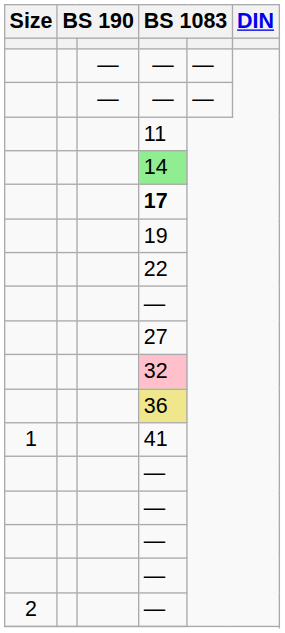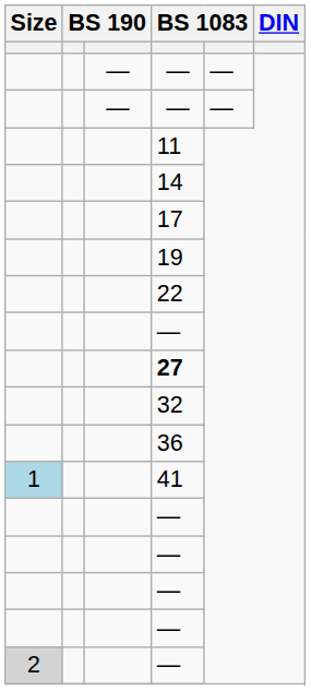 <table class=wikitable>
 <tr>
 <th scope="col">Size</th>
 <th colspan=2>BS 190</th>
 <th colspan=2>BS 1083</th>
 <th scope="col"><a href='#'>DIN</a></th>
 </tr>
 <tr>
 <th scope="col"></th>
 <th scope="col"></th>
 <th scope="col"></th>
 <th scope="col"></th>
 <th scope="col"></th>
 <th scope="col"></th>
 </tr>
 <tr>
 <td align="center"></td>
 <td></td>
 <td align="center">—</td>
 <td align="center">—</td>
 <td>—</td>
 </tr>
 <tr>
 <td align="center"></td>
 <td></td>
 <td align="center">—</td>
 <td align="center">—</td>
 <td>—</td>
 </tr>
 <tr>
 <td align="center"></td>
 <td></td>
 <td></td>
 <td>11</td>
 </tr>
 <tr>
 <td align="center"></td>
 <td></td>
 <td></td>
-<td style="background: lightgreen;">14</td>
+<td>14</td>
 </tr>
 <tr>
 <td align="center"></td>
 <td></td>
 <td></td>
-<td><strong>17</strong></td>
+<td>17</td>
 </tr>
 <tr>
 <td align="center"></td>
 <td></td>
 <td></td>
 <td>19</td>
 </tr>
 <tr>
 <td align="center"></td>
 <td></td>
 <td></td>
 <td>22</td>
 </tr>
 <tr>
 <td align="center"></td>
 <td></td>
 <td></td>
 <td>—</td>
 </tr>
 <tr>
 <td align="center"></td>
 <td></td>
 <td></td>
-<td>27</td>
+<td><strong>27</strong></td>
 </tr>
 <tr>
 <td align="center"></td>
 <td></td>
 <td></td>
-<td style="background: pink;">32</td>
+<td>32</td>
 </tr>
 <tr>
 <td align="center"></td>
 <td></td>
 <td></td>
-<td style="background: khaki;">36</td>
+<td>36</td>
 </tr>
 <tr>
-<td align="center">1</td>
+<td align="center" style="background: lightblue;">1</td>
 <td></td>
 <td></td>
 <td>41</td>
 </tr>
 <tr>
 <td align="center"></td>
 <td></td>
 <td></td>
 <td>—</td>
 </tr>
 <tr>
 <td align="center"></td>
 <td></td>
 <td></td>
 <td>—</td>
 </tr>
 <tr>
 <td align="center"></td>
 <td></td>
 <td></td>
 <td>—</td>
 </tr>
 <tr>
 <td align="center"></td>
 <td></td>
 <td></td>
 <td>—</td>
 </tr>
 <tr>
-<td align="center">2</td>
+<td align="center" style="background: lightgrey;">2</td>
 <td></td>
 <td></td>
 <td>—</td>
 </tr>
 <tr>
 </tr>
 </table>
